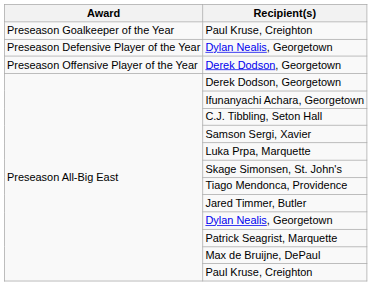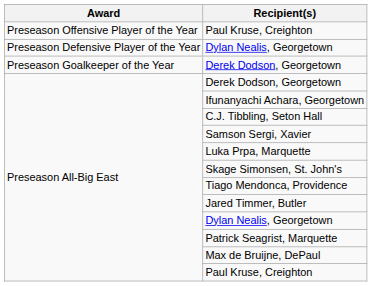 <table class="wikitable" style="white-space:nowrap; font-size:90%;">
 <tr>
 <th>Award</th>
 <th>Recipient(s)</th>
 </tr>
 <tr>
-<td>Preseason Goalkeeper of the Year</td>
+<td>Preseason Offensive Player of the Year</td>
 <td>Paul Kruse, Creighton</td>
 </tr>
 <tr>
 <td>Preseason Defensive Player of the Year</td>
 <td><a href='#'>Dylan Nealis</a>, Georgetown</td>
 </tr>
 <tr>
-<td>Preseason Offensive Player of the Year</td>
+<td>Preseason Goalkeeper of the Year</td>
 <td><a href='#'>Derek Dodson</a>, Georgetown</td>
 </tr>
 <tr>
 <td rowspan="12">Preseason All-Big East</td>
 <td>Derek Dodson, Georgetown</td>
 </tr>
 <tr>
 <td>Ifunanyachi Achara, Georgetown</td>
 </tr>
 <tr>
 <td>C.J. Tibbling, Seton Hall</td>
 </tr>
 <tr>
 <td>Samson Sergi, Xavier</td>
 </tr>
 <tr>
 <td>Luka Prpa, Marquette</td>
 </tr>
 <tr>
 <td>Skage Simonsen, St. John's</td>
 </tr>
 <tr>
 <td>Tiago Mendonca, Providence</td>
 </tr>
 <tr>
 <td>Jared Timmer, Butler</td>
 </tr>
 <tr>
 <td><a href='#'>Dylan Nealis</a>, Georgetown</td>
 </tr>
 <tr>
 <td>Patrick Seagrist, Marquette</td>
 </tr>
 <tr>
 <td>Max de Bruijne, DePaul</td>
 </tr>
 <tr>
 <td>Paul Kruse, Creighton</td>
 </tr>
 </table>
